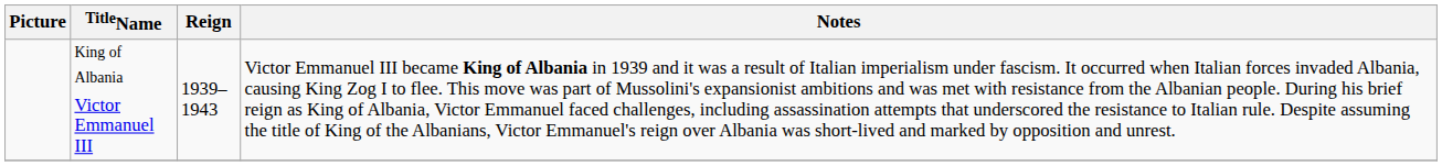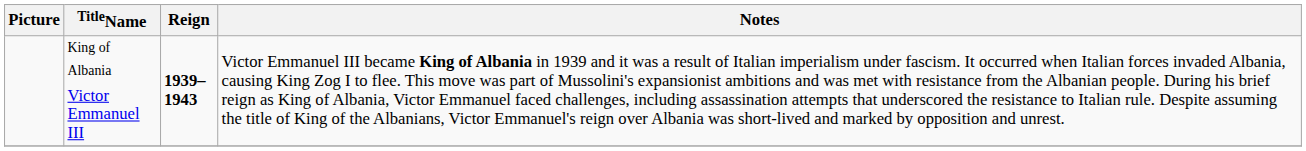 <table class="wikitable">
 <tr ->
 <th>Picture</th>
 <th><sup>Title</sup>Name</th>
 <th>Reign</th>
 <th>Notes</th>
 </tr>
 <tr ->
 <td></td>
 <td><sup>King of Albania</sup><br><a href='#'>Victor Emmanuel III</a></td>
-<td>1939–1943</td>
+<td><strong>1939–1943</strong></td>
 <td>Victor Emmanuel III became <strong>King of Albania</strong> in 1939 and it was a result of Italian imperialism under fascism. It occurred when Italian forces invaded Albania, causing King Zog I to flee. This move was part of Mussolini's expansionist ambitions and was met with resistance from the Albanian people. During his brief reign as King of Albania, Victor Emmanuel faced challenges, including assassination attempts that underscored the resistance to Italian rule. Despite assuming the title of King of the Albanians, Victor Emmanuel's reign over Albania was short-lived and marked by opposition and unrest.</td>
 </tr>
 <tr ->
 </tr>
 </table>
